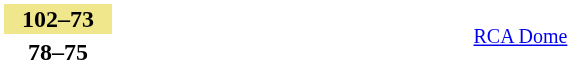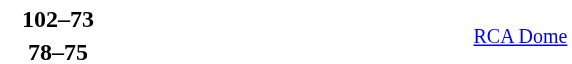 <table style="text-align:center">
 <tr>
 <th width=200></th>
 <th width=30></th>
 <th width=70></th>
 <th width=30></th>
 <th width=200></th>
 <th></th>
 </tr>
 <tr>
 <td align=right><strong></strong></td>
 <td></td>
-<td style="background: khaki;"><strong>102–73</strong></td>
+<td><strong>102–73</strong></td>
 <td></td>
 <td align=left><strong></strong></td>
 <td align=left rowspan=2><small><a href='#'>RCA Dome</a></small></td>
 </tr>
 <tr>
 <td align=right><strong></strong></td>
 <td></td>
 <td><strong>78–75</strong></td>
 <td></td>
 <td align=left><strong></strong></td>
 </tr>
 </table>
